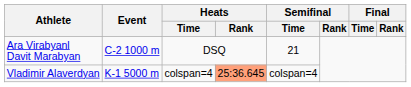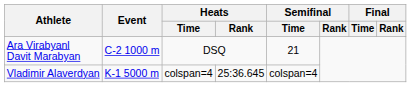 <table class="wikitable" style="text-align:center; font-size:90%">
 <tr>
 <th rowspan=2>Athlete</th>
 <th rowspan=2>Event</th>
 <th colspan=2>Heats</th>
 <th colspan=2>Semifinal</th>
 <th colspan=2>Final</th>
 </tr>
 <tr style="font-size:95%">
 <th>Time</th>
 <th>Rank</th>
 <th>Time</th>
 <th>Rank</th>
 <th>Time</th>
 <th>Rank</th>
 </tr>
 <tr>
 <td align=left><a href='#'>Ara Virabyanl</a><br><a href='#'>Davit Marabyan</a></td>
 <td align=left><a href='#'>C-2 1000 m</a></td>
 <td colspan=2>DSQ</td>
 <td>21</td>
 </tr>
 <tr>
 <td align=left><a href='#'>Vladimir Alaverdyan</a></td>
 <td align=left><a href='#'>K-1 5000 m</a></td>
 <td>colspan=4 </td>
-<td style="background: lightsalmon;">25:36.645</td>
+<td>25:36.645</td>
 <td>colspan=4 </td>
 </tr>
 </table>
